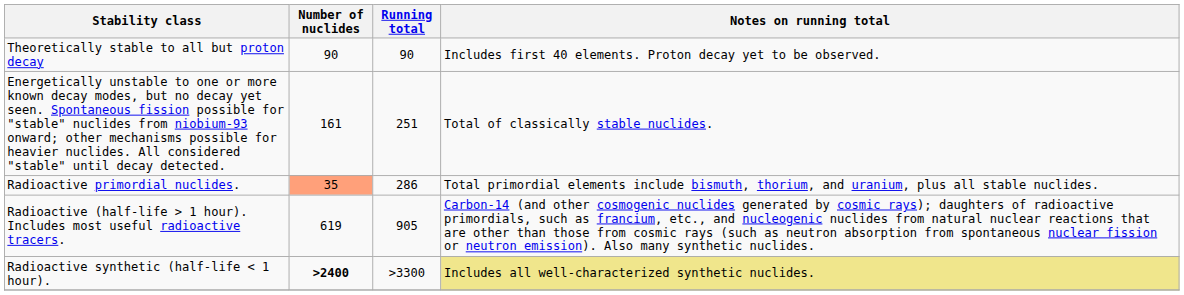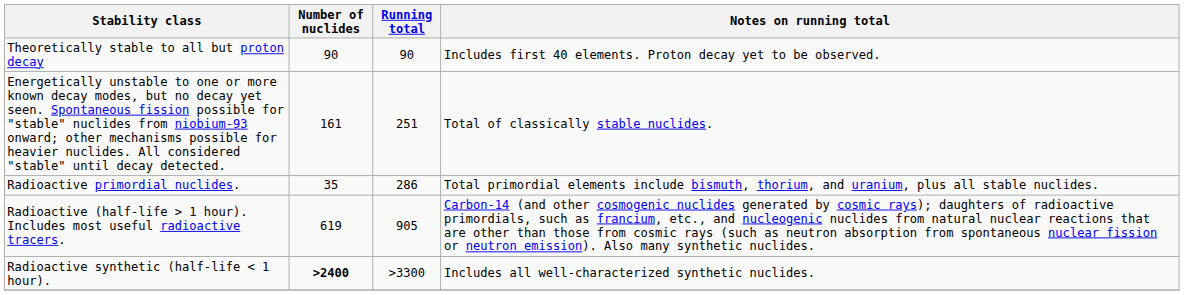 <table class="wikitable sortable" width="100%">
 <tr>
 <th width="300">Stability class</th>
 <th>Number of nuclides</th>
 <th><a href='#'>Running total</a></th>
 <th>Notes on running total</th>
 </tr>
 <tr>
 <td align="left">Theoretically stable to all but <a href='#'>proton decay</a></td>
 <td align="center">90</td>
 <td align="center">90</td>
 <td>Includes first 40 elements. Proton decay yet to be observed.</td>
 </tr>
 <tr>
 <td>Energetically unstable to one or more known decay modes, but no decay yet seen. <a href='#'>Spontaneous fission</a> possible for "stable" nuclides from <a href='#'>niobium-93</a> onward; other mechanisms possible for heavier nuclides. All considered "stable" until decay detected.</td>
 <td align="center">161</td>
 <td align="center">251</td>
 <td>Total of classically <a href='#'>stable nuclides</a>.</td>
 </tr>
 <tr>
 <td>Radioactive <a href='#'>primordial nuclides</a>.</td>
-<td align="center" style="background: lightsalmon;">35</td>
+<td align="center">35</td>
 <td align="center">286</td>
 <td>Total primordial elements include <a href='#'>bismuth</a>, <a href='#'>thorium</a>, and <a href='#'>uranium</a>, plus all stable nuclides.</td>
 </tr>
 <tr>
 <td>Radioactive (half-life > 1 hour). Includes most useful <a href='#'>radioactive tracers</a>.</td>
 <td align="center">619</td>
 <td align="center">905</td>
 <td><a href='#'>Carbon-14</a> (and other <a href='#'>cosmogenic nuclides</a> generated by <a href='#'>cosmic rays</a>); daughters of radioactive primordials, such as <a href='#'>francium</a>, etc., and <a href='#'>nucleogenic</a> nuclides from natural nuclear reactions that are other than those from cosmic rays (such as neutron absorption from spontaneous <a href='#'>nuclear fission</a> or <a href='#'>neutron emission</a>). Also many synthetic nuclides.</td>
 </tr>
 <tr>
 <td>Radioactive synthetic (half-life < 1 hour).</td>
 <td align="center"><strong>>2400</strong></td>
 <td align="center">>3300</td>
-<td style="background: khaki;">Includes all well-characterized synthetic nuclides.</td>
+<td>Includes all well-characterized synthetic nuclides.</td>
 </tr>
 <tr>
 </tr>
 </table>
